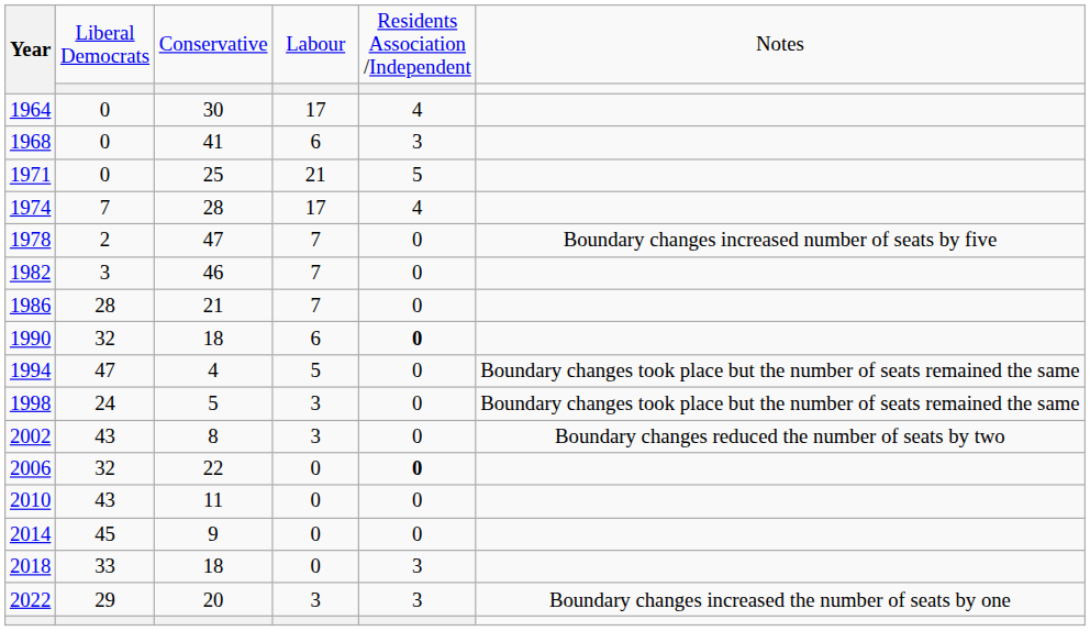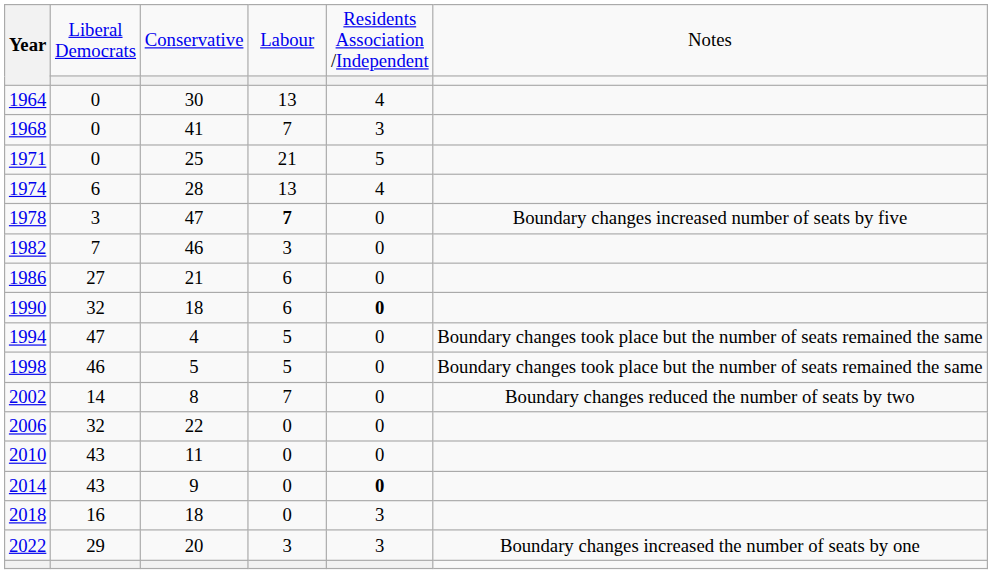 <table class=wikitable style=text-align:center>
 <tr>
 <th rowspan=2>Year</th>
 <td width="60"><a href='#'>Liberal Democrats</a></td>
 <td width="60"><a href='#'>Conservative</a></td>
 <td width="60"><a href='#'>Labour</a></td>
 <td width="60"><a href='#'>Residents Association</a><br>/<a href='#'>Independent</a></td>
 <td width=>Notes</td>
 </tr>
 <tr>
 <th style="background-color: "></th>
 <th style="background-color: "></th>
 <th style="background-color: "></th>
 <th style="background-color: "></th>
 <td></td>
 </tr>
 <tr>
 <td><a href='#'>1964</a></td>
 <td>0</td>
 <td>30</td>
-<td>17</td>
+<td>13</td>
 <td>4</td>
 <td></td>
 </tr>
 <tr>
 <td><a href='#'>1968</a></td>
 <td>0</td>
 <td>41</td>
-<td>6</td>
+<td>7</td>
 <td>3</td>
 <td></td>
 </tr>
 <tr>
 <td><a href='#'>1971</a></td>
 <td>0</td>
 <td>25</td>
 <td>21</td>
 <td>5</td>
 <td></td>
 </tr>
 <tr>
 <td><a href='#'>1974</a></td>
-<td>7</td>
+<td>6</td>
 <td>28</td>
-<td>17</td>
+<td>13</td>
 <td>4</td>
 <td></td>
 </tr>
 <tr>
 <td><a href='#'>1978</a></td>
-<td>2</td>
+<td>3</td>
 <td>47</td>
-<td>7</td>
+<td><strong>7</strong></td>
 <td>0</td>
 <td>Boundary changes increased number of seats by five</td>
 </tr>
 <tr>
 <td><a href='#'>1982</a></td>
+<td>7</td>
+<td>46</td>
 <td>3</td>
-<td>46</td>
-<td>7</td>
 <td>0</td>
 <td></td>
 </tr>
 <tr>
 <td><a href='#'>1986</a></td>
-<td>28</td>
+<td>27</td>
 <td>21</td>
-<td>7</td>
+<td>6</td>
 <td>0</td>
 <td></td>
 </tr>
 <tr>
 <td><a href='#'>1990</a></td>
 <td>32</td>
 <td>18</td>
 <td>6</td>
 <td><strong>0</strong></td>
 <td></td>
 </tr>
 <tr>
 <td><a href='#'>1994</a></td>
 <td>47</td>
 <td>4</td>
 <td>5</td>
 <td>0</td>
 <td>Boundary changes took place but the number of seats remained the same</td>
 </tr>
 <tr>
 <td><a href='#'>1998</a></td>
-<td>24</td>
+<td>46</td>
 <td>5</td>
-<td>3</td>
+<td>5</td>
 <td>0</td>
 <td>Boundary changes took place but the number of seats remained the same</td>
 </tr>
 <tr>
 <td><a href='#'>2002</a></td>
-<td>43</td>
+<td>14</td>
 <td>8</td>
-<td>3</td>
+<td>7</td>
 <td>0</td>
 <td>Boundary changes reduced the number of seats by two</td>
 </tr>
 <tr>
 <td><a href='#'>2006</a></td>
 <td>32</td>
 <td>22</td>
 <td>0</td>
-<td><strong>0</strong></td>
+<td>0</td>
 <td></td>
 </tr>
 <tr>
 <td><a href='#'>2010</a></td>
 <td>43</td>
 <td>11</td>
 <td>0</td>
 <td>0</td>
 <td></td>
 </tr>
 <tr>
 <td><a href='#'>2014</a></td>
-<td>45</td>
+<td>43</td>
 <td>9</td>
 <td>0</td>
-<td>0</td>
+<td><strong>0</strong></td>
 <td></td>
 </tr>
 <tr>
 <td><a href='#'>2018</a></td>
-<td>33</td>
+<td>16</td>
 <td>18</td>
 <td>0</td>
 <td>3</td>
 <td></td>
 </tr>
 <tr>
 <td><a href='#'>2022</a></td>
 <td>29</td>
 <td>20</td>
 <td>3</td>
 <td>3</td>
 <td>Boundary changes increased the number of seats by one</td>
 </tr>
 <tr>
 <th></th>
 <th style="background-color: "></th>
 <th style="background-color: "></th>
 <th style="background-color: "></th>
 <th style="background-color: "></th>
 <td></td>
 </tr>
 </table>
